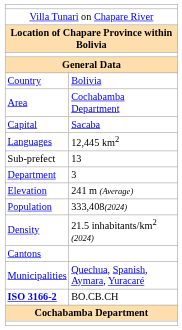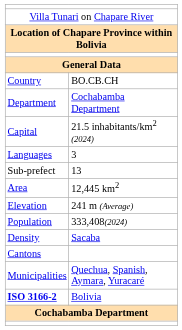 <table border=1 align=right cellpadding=3 cellspacing=0 width=270 style="margin: 0 0 1em 1em; border: 1px #aaa solid; border-collapse: collapse;">
 <tr>
 <td colspan="2" align="center" bgcolor="#ffffff"></td>
 </tr>
 <tr>
 <td colspan="2" align="center" bgcolor="#ffffff"><a href='#'>Villa Tunari</a> on <a href='#'>Chapare River</a></td>
 </tr>
 <tr>
 <th colspan="2" bgcolor="#FFDEAD">Location of Chapare Province within Bolivia</th>
 </tr>
 <tr>
 <td colspan="2" align="center" bgcolor="#ffffff"></td>
 </tr>
 <tr>
 <th colspan="2" bgcolor="#FFDEAD">General Data</th>
 </tr>
 <tr>
 <td><a href='#'>Country</a></td>
-<td> <a href='#'>Bolivia</a></td>
+<td>BO.CB.CH</td>
 </tr>
 <tr>
-<td><a href='#'>Area</a></td>
+<td><a href='#'>Department</a></td>
 <td><a href='#'>Cochabamba Department</a></td>
 </tr>
 <tr>
 <td><a href='#'>Capital</a></td>
-<td><a href='#'>Sacaba</a></td>
+<td>21.5  inhabitants/km<sup>2</sup> <em><small>(2024)</small></em></td>
 </tr>
 <tr>
 <td><a href='#'>Languages</a></td>
-<td>12,445 km<sup>2</sup></td>
+<td>3</td>
 </tr>
 <tr>
 <td>Sub-prefect</td>
 <td>13</td>
 </tr>
 <tr>
-<td><a href='#'>Department</a></td>
-<td>3</td>
+<td><a href='#'>Area</a></td>
+<td>12,445 km<sup>2</sup></td>
 </tr>
 <tr>
 <td><a href='#'>Elevation</a></td>
 <td>241 m <em><small>(Average)</small></em></td>
 </tr>
 <tr>
 <td><a href='#'>Population</a></td>
 <td>333,408<em><small>(2024)</small></em></td>
 </tr>
 <tr>
 <td><a href='#'>Density</a></td>
-<td>21.5  inhabitants/km<sup>2</sup> <em><small>(2024)</small></em></td>
+<td><a href='#'>Sacaba</a></td>
 </tr>
 <tr>
 <td><a href='#'>Cantons</a></td>
 <td></td>
 </tr>
 <tr>
 <td><a href='#'>Municipalities</a></td>
 <td><a href='#'>Quechua</a>, <a href='#'>Spanish</a>, <a href='#'>Aymara</a>, <a href='#'>Yuracaré</a></td>
 </tr>
 <tr>
 <td><strong><a href='#'>ISO 3166-2</a></strong></td>
-<td>BO.CB.CH</td>
+<td> <a href='#'>Bolivia</a></td>
 </tr>
 <tr>
 <th colspan="2" bgcolor="#FFDEAD">Cochabamba Department</th>
 </tr>
 <tr>
 <td colspan="2" align="center" bgcolor="#ffffff"></td>
 </tr>
 </table>
